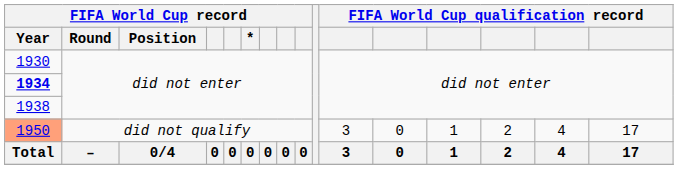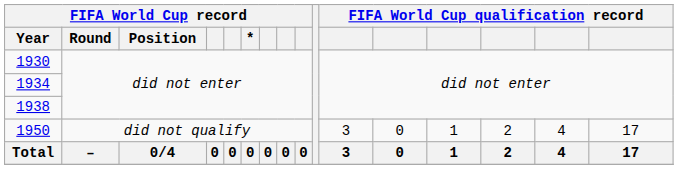 <table class="wikitable" style="text-align: center;">
 <tr>
 <th colspan=9><a href='#'>FIFA World Cup</a> record</th>
 <th style="width:1%" rowspan=26></th>
 <th colspan=8><a href='#'>FIFA World Cup qualification</a> record</th>
 </tr>
 <tr>
 <th>Year</th>
 <th>Round</th>
 <th>Position</th>
 <th></th>
 <th></th>
 <th>*</th>
 <th></th>
 <th></th>
 <th></th>
 <th></th>
 <th></th>
 <th></th>
 <th></th>
 <th></th>
 <th></th>
 </tr>
 <tr>
 <td> <a href='#'>1930</a></td>
 <td rowspan=3 colspan=8><em>did not enter</em></td>
 <td rowspan=3 colspan=6><em>did not enter</em></td>
 </tr>
 <tr>
-<td><strong> <a href='#'>1934</a></strong></td>
+<td> <a href='#'>1934</a></td>
 </tr>
 <tr>
 <td> <a href='#'>1938</a></td>
 </tr>
 <tr>
-<td style="background: lightsalmon;"> <a href='#'>1950</a></td>
+<td> <a href='#'>1950</a></td>
 <td colspan=8><em>did not qualify</em></td>
 <td>3</td>
 <td>0</td>
 <td>1</td>
 <td>2</td>
 <td>4</td>
 <td>17</td>
 </tr>
 <tr>
 <th>Total</th>
 <th>–</th>
 <th>0/4</th>
 <th>0</th>
 <th>0</th>
 <th>0</th>
 <th>0</th>
 <th>0</th>
 <th>0</th>
 <th>3</th>
 <th>0</th>
 <th>1</th>
 <th>2</th>
 <th>4</th>
 <th>17</th>
 </tr>
 <tr>
 </tr>
 </table>
